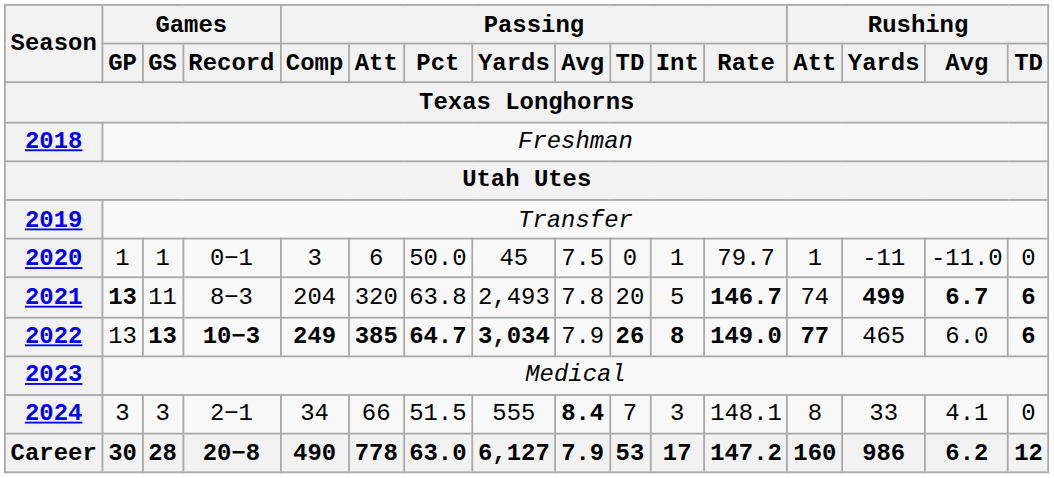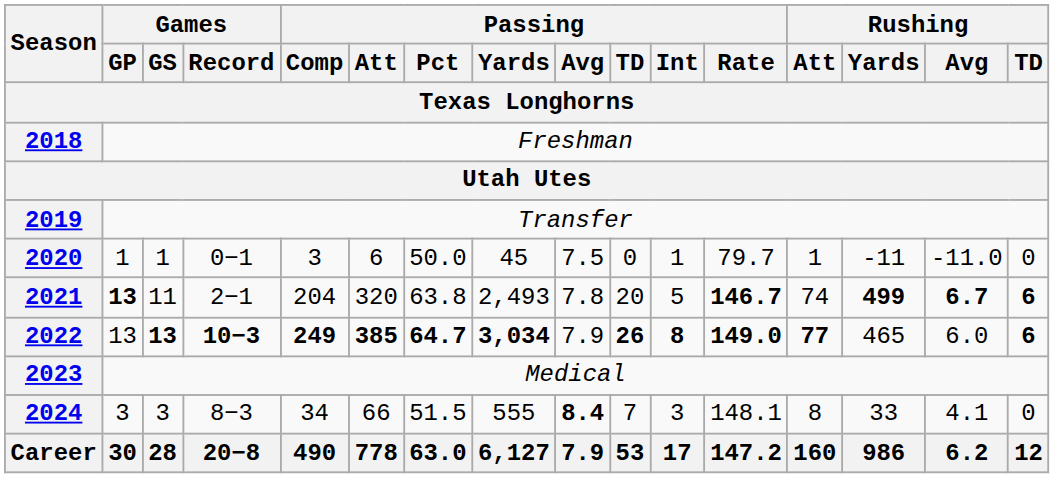 <table class="wikitable" style="text-align:center;">
 <tr>
 <th rowspan="2">Season</th>
 <th colspan="3">Games</th>
 <th colspan="8">Passing</th>
 <th colspan="4">Rushing</th>
 </tr>
 <tr>
 <th>GP</th>
 <th>GS</th>
 <th>Record</th>
 <th>Comp</th>
 <th>Att</th>
 <th>Pct</th>
 <th>Yards</th>
 <th>Avg</th>
 <th>TD</th>
 <th>Int</th>
 <th>Rate</th>
 <th>Att</th>
 <th>Yards</th>
 <th>Avg</th>
 <th>TD</th>
 </tr>
 <tr>
 <th colspan="16">Texas Longhorns</th>
 </tr>
 <tr>
 <th><a href='#'>2018</a></th>
 <td colspan="15"><em>Freshman </em></td>
 </tr>
 <tr>
 <th colspan="16">Utah Utes</th>
 </tr>
 <tr>
 <th><a href='#'>2019</a></th>
 <td colspan="15"><em>Transfer </em></td>
 </tr>
 <tr>
 <th><a href='#'>2020</a></th>
 <td>1</td>
 <td>1</td>
 <td>0−1</td>
 <td>3</td>
 <td>6</td>
 <td>50.0</td>
 <td>45</td>
 <td>7.5</td>
 <td>0</td>
 <td>1</td>
 <td>79.7</td>
 <td>1</td>
 <td>-11</td>
 <td>-11.0</td>
 <td>0</td>
 </tr>
 <tr>
 <th><a href='#'>2021</a></th>
 <td><strong>13</strong></td>
 <td>11</td>
-<td>8−3</td>
+<td>2−1</td>
 <td>204</td>
 <td>320</td>
 <td>63.8</td>
 <td>2,493</td>
 <td>7.8</td>
 <td>20</td>
 <td>5</td>
 <td><strong>146.7</strong></td>
 <td>74</td>
 <td><strong>499</strong></td>
 <td><strong>6.7</strong></td>
 <td><strong>6</strong></td>
 </tr>
 <tr>
 <th><a href='#'>2022</a></th>
 <td>13</td>
 <td><strong>13</strong></td>
 <td><strong>10−3</strong></td>
 <td><strong>249</strong></td>
 <td><strong>385</strong></td>
 <td><strong>64.7</strong></td>
 <td><strong>3,034</strong></td>
 <td>7.9</td>
 <td><strong>26</strong></td>
 <td><strong>8</strong></td>
 <td><strong>149.0</strong></td>
 <td><strong>77</strong></td>
 <td>465</td>
 <td>6.0</td>
 <td><strong>6</strong></td>
 </tr>
 <tr>
 <th><a href='#'>2023</a></th>
 <td colspan="15"><em>Medical </em></td>
 </tr>
 <tr>
 <th><a href='#'>2024</a></th>
 <td>3</td>
 <td>3</td>
-<td>2−1</td>
+<td>8−3</td>
 <td>34</td>
 <td>66</td>
 <td>51.5</td>
 <td>555</td>
 <td><strong>8.4</strong></td>
 <td>7</td>
 <td>3</td>
 <td>148.1</td>
 <td>8</td>
 <td>33</td>
 <td>4.1</td>
 <td>0</td>
 </tr>
 <tr>
 <th>Career</th>
 <th>30</th>
 <th>28</th>
 <th>20−8</th>
 <th>490</th>
 <th>778</th>
 <th>63.0</th>
 <th>6,127</th>
 <th>7.9</th>
 <th>53</th>
 <th>17</th>
 <th>147.2</th>
 <th>160</th>
 <th>986</th>
 <th>6.2</th>
 <th>12</th>
 </tr>
 </table>
